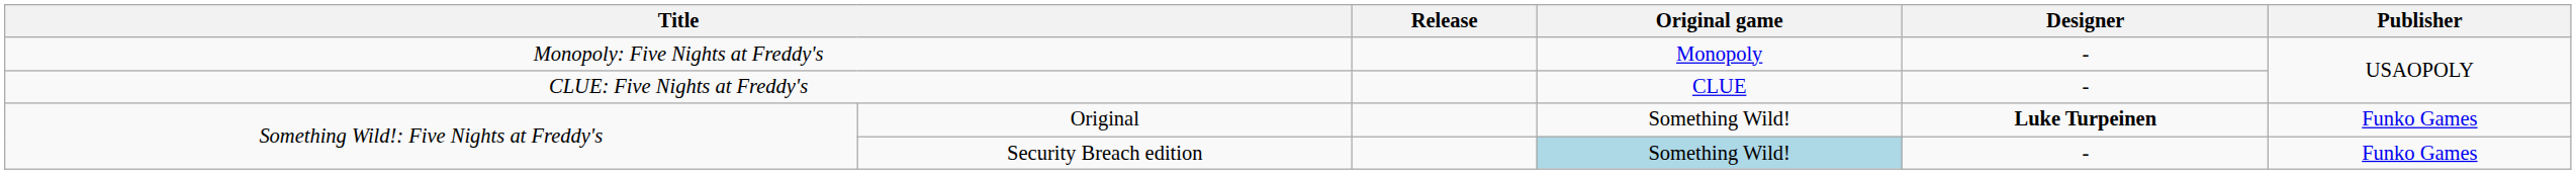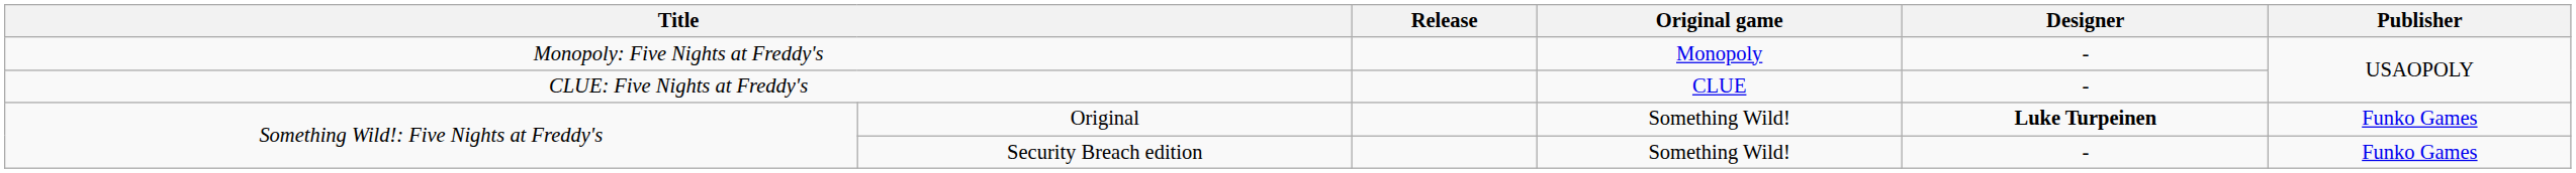 <table class="wikitable plainrowheaders sortable" style="text-align:center" border="1" width="100%">
 <tr>
 <th colspan="2" scope="col">Title</th>
 <th scope="col">Release</th>
 <th scope="col">Original game</th>
 <th scope="col">Designer</th>
 <th scope="col">Publisher</th>
 </tr>
 <tr>
 <td colspan="2"><em>Monopoly: Five Nights at Freddy's</em></td>
 <td></td>
 <td><a href='#'>Monopoly</a></td>
 <td>-</td>
 <td rowspan="2">USAOPOLY</td>
 </tr>
 <tr>
 <td colspan="2"><em>CLUE: Five Nights at Freddy's</em></td>
 <td></td>
 <td><a href='#'>CLUE</a></td>
 <td>-</td>
 </tr>
 <tr>
 <td rowspan="2"><em>Something Wild!: Five Nights at Freddy's</em></td>
 <td>Original</td>
 <td></td>
 <td>Something Wild!</td>
 <td><strong>Luke Turpeinen</strong></td>
 <td><a href='#'>Funko Games</a></td>
 </tr>
 <tr>
 <td>Security Breach edition</td>
 <td></td>
-<td style="background: lightblue;">Something Wild!</td>
+<td>Something Wild!</td>
 <td>-</td>
 <td><a href='#'>Funko Games</a></td>
 </tr>
 </table>
